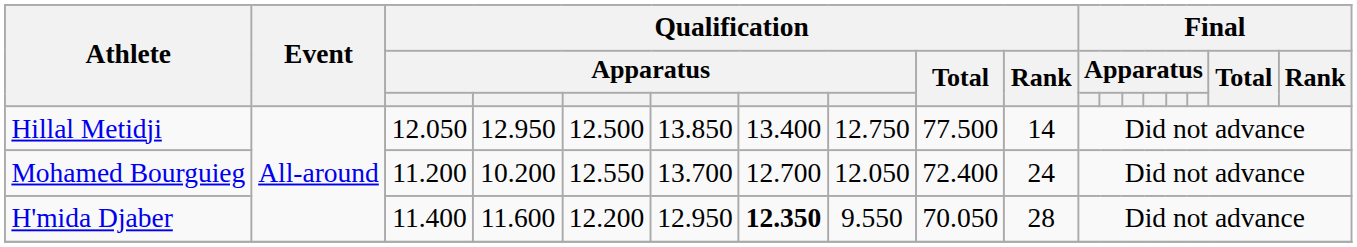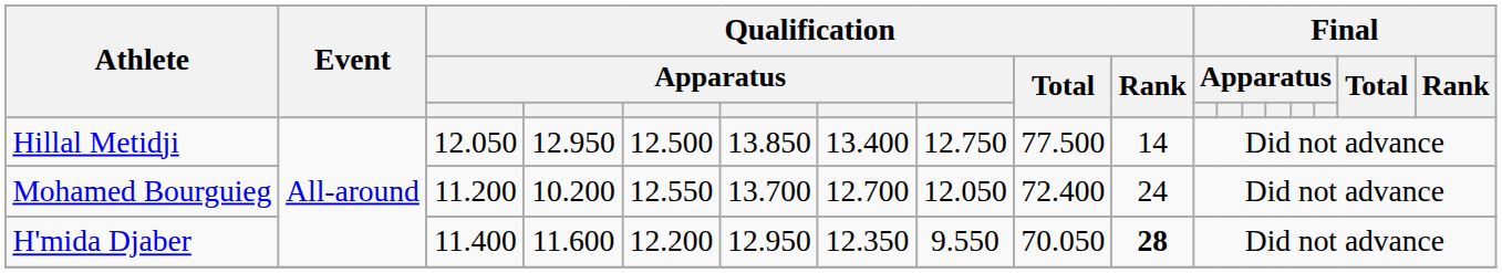 <table class=wikitable style=font-size:90%;text-align:center>
 <tr>
 <th rowspan=3>Athlete</th>
 <th rowspan=3>Event</th>
 <th colspan =8>Qualification</th>
 <th colspan =8>Final</th>
 </tr>
 <tr style=font-size:95%>
 <th colspan=6>Apparatus</th>
 <th rowspan=2>Total</th>
 <th rowspan=2>Rank</th>
 <th colspan=6>Apparatus</th>
 <th rowspan=2>Total</th>
 <th rowspan=2>Rank</th>
 </tr>
 <tr style=font-size:95%>
 <th></th>
 <th></th>
 <th></th>
 <th></th>
 <th></th>
 <th></th>
 <th></th>
 <th></th>
 <th></th>
 <th></th>
 <th></th>
 <th></th>
 </tr>
 <tr>
 <td align=left><a href='#'>Hillal Metidji</a></td>
 <td align=left rowspan=3><a href='#'>All-around</a></td>
 <td>12.050</td>
 <td>12.950</td>
 <td>12.500</td>
 <td>13.850</td>
 <td>13.400</td>
 <td>12.750</td>
 <td>77.500</td>
 <td>14</td>
 <td colspan=8>Did not advance</td>
 </tr>
 <tr>
 <td align=left><a href='#'>Mohamed Bourguieg</a></td>
 <td>11.200</td>
 <td>10.200</td>
 <td>12.550</td>
 <td>13.700</td>
 <td>12.700</td>
 <td>12.050</td>
 <td>72.400</td>
 <td>24</td>
 <td colspan=8>Did not advance</td>
 </tr>
 <tr>
 <td align=left><a href='#'>H'mida Djaber</a></td>
 <td>11.400</td>
 <td>11.600</td>
 <td>12.200</td>
 <td>12.950</td>
-<td><strong>12.350</strong></td>
+<td>12.350</td>
 <td>9.550</td>
 <td>70.050</td>
-<td>28</td>
+<td><strong>28</strong></td>
 <td colspan=8>Did not advance</td>
 </tr>
 <tr>
 </tr>
 </table>
